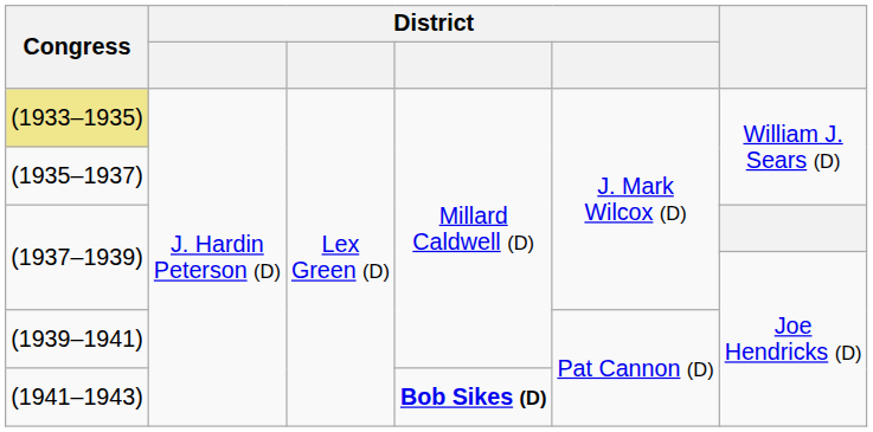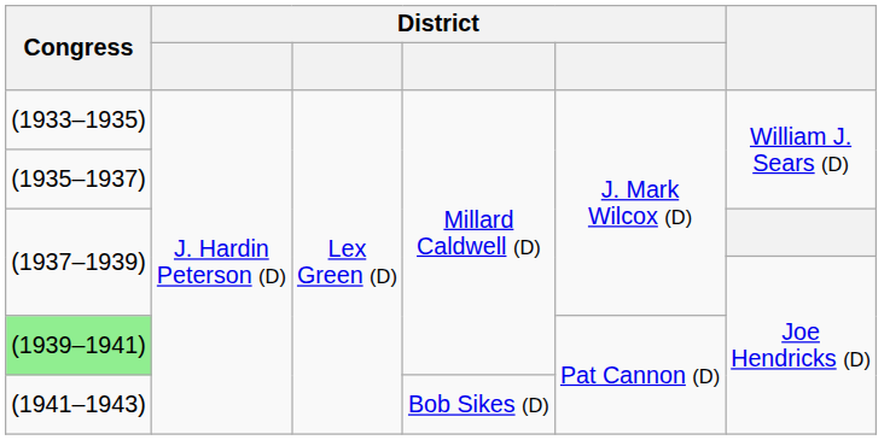 <table class=wikitable style="text-align:center">
 <tr>
 <th rowspan=2>Congress</th>
 <th colspan=4>District</th>
 <th rowspan=2></th>
 </tr>
 <tr style="height:2em">
 <th></th>
 <th></th>
 <th></th>
 <th></th>
 </tr>
 <tr style="height:2.5em">
-<td style="background: khaki;"><strong></strong> (1933–1935)</td>
+<td><strong></strong> (1933–1935)</td>
 <td rowspan=6 ><a href='#'>J. Hardin<br>Peterson</a> <small>(D)</small></td>
 <td rowspan=6 ><a href='#'>Lex<br>Green</a> <small>(D)</small></td>
 <td rowspan=5 ><a href='#'>Millard<br>Caldwell</a> <small>(D)</small></td>
 <td rowspan=4 ><a href='#'>J. Mark<br>Wilcox</a> <small>(D)</small></td>
 <td rowspan=2 ><a href='#'>William J.<br>Sears</a> <small>(D)</small></td>
 </tr>
 <tr style="height:2.5em">
 <td><strong></strong> (1935–1937)</td>
 </tr>
 <tr style="height:2em">
 <td rowspan=2><strong></strong> (1937–1939)</td>
 <th></th>
 </tr>
 <tr style="height:2.5em">
 <td rowspan=6 ><a href='#'>Joe<br>Hendricks</a> <small>(D)</small></td>
 </tr>
 <tr style="height:2.5em">
-<td><strong></strong> (1939–1941)</td>
+<td style="background: lightgreen;"><strong></strong> (1939–1941)</td>
 <td rowspan=2 ><a href='#'>Pat Cannon</a> <small>(D)</small></td>
 </tr>
 <tr style="height:2.5em">
 <td><strong></strong> (1941–1943)</td>
-<td><strong><a href='#'>Bob Sikes</a> <small>(D)</small></strong></td>
+<td><a href='#'>Bob Sikes</a> <small>(D)</small></td>
 </tr>
 </table>
